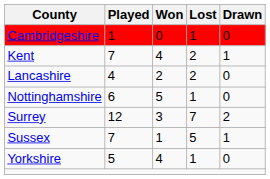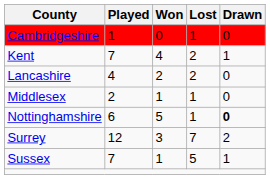 <table class="wikitable sortable">
 <tr>
 <th>County</th>
 <th>Played</th>
 <th>Won</th>
 <th>Lost</th>
 <th>Drawn</th>
 </tr>
 <tr style="background-color:red">
 <td><a href='#'>Cambridgeshire</a></td>
 <td>1</td>
 <td>0</td>
 <td>1</td>
 <td>0</td>
 </tr>
 <tr>
 <td><a href='#'>Kent</a></td>
 <td>7</td>
 <td>4</td>
 <td>2</td>
 <td>1</td>
 </tr>
 <tr>
 <td><a href='#'>Lancashire</a></td>
 <td>4</td>
 <td>2</td>
 <td>2</td>
 <td>0</td>
 </tr>
 <tr>
+<td><a href='#'>Middlesex</a></td>
+<td>2</td>
+<td>1</td>
+<td>1</td>
+<td>0</td>
+</tr>
+<tr>
 <td><a href='#'>Nottinghamshire</a></td>
 <td>6</td>
 <td>5</td>
 <td>1</td>
-<td>0</td>
+<td><strong>0</strong></td>
 </tr>
 <tr>
 <td><a href='#'>Surrey</a></td>
 <td>12</td>
 <td>3</td>
 <td>7</td>
 <td>2</td>
 </tr>
 <tr>
 <td><a href='#'>Sussex</a></td>
 <td>7</td>
 <td>1</td>
 <td>5</td>
 <td>1</td>
 </tr>
 <tr>
-<td><a href='#'>Yorkshire</a></td>
-<td>5</td>
-<td>4</td>
-<td>1</td>
-<td>0</td>
-</tr>
-<tr>
 <td colspan="5"></td>
 </tr>
 </table>
